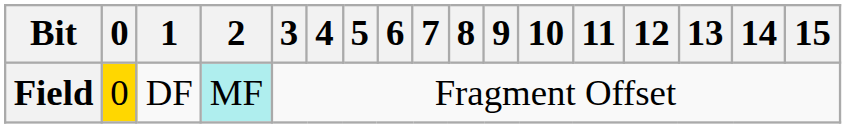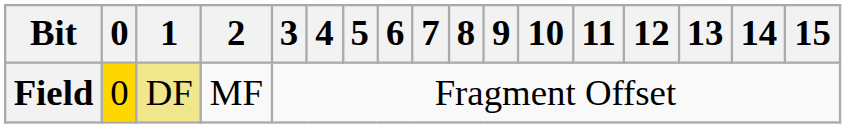 <table class="wikitable" style="text-align: center;">
 <tr>
 <th>Bit</th>
 <th>0</th>
 <th>1</th>
 <th>2</th>
 <th>3</th>
 <th>4</th>
 <th>5</th>
 <th>6</th>
 <th>7</th>
 <th>8</th>
 <th>9</th>
 <th>10</th>
 <th>11</th>
 <th>12</th>
 <th>13</th>
 <th>14</th>
 <th>15</th>
 </tr>
 <tr>
 <th>Field</th>
 <td style="background: gold;">0</td>
-<td>DF</td>
-<td style="background: paleturquoise;">MF</td>
+<td style="background: khaki;">DF</td>
+<td>MF</td>
 <td colspan="13">Fragment Offset</td>
 </tr>
 </table>
